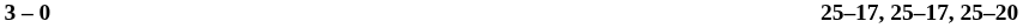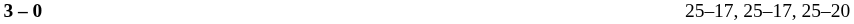 <table width=100% cellspacing=1>
 <tr>
 <th width=20%></th>
 <th width=12%></th>
 <th width=20%></th>
 <th width=33%></th>
 <td></td>
 </tr>
 <tr style=font-size:95%>
 <td align=right><strong></strong></td>
 <td align=center><strong>3 – 0</strong></td>
 <td></td>
-<td><strong>25–17, 25–17, 25–20</strong></td>
+<td>25–17, 25–17, 25–20</td>
 </tr>
 </table>
